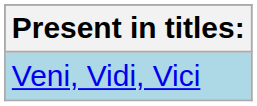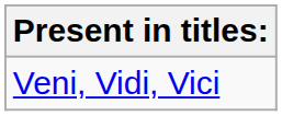 <table class="wikitable">
 <tr>
 <th>Present in titles:</th>
 </tr>
 <tr>
-<td style="background: lightblue;"><a href='#'>Veni, Vidi, Vici</a></td>
+<td><a href='#'>Veni, Vidi, Vici</a></td>
 </tr>
 </table>
